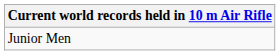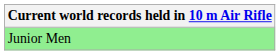 <table class="wikitable" style="font-size: 95%">
 <tr>
 <th colspan=9>Current world records held in <a href='#'>10 m Air Rifle</a></th>
 </tr>
 <tr>
-<td>Junior Men<br></td>
+<td style="background: lightgreen;">Junior Men<br></td>
 </tr>
 </table>
